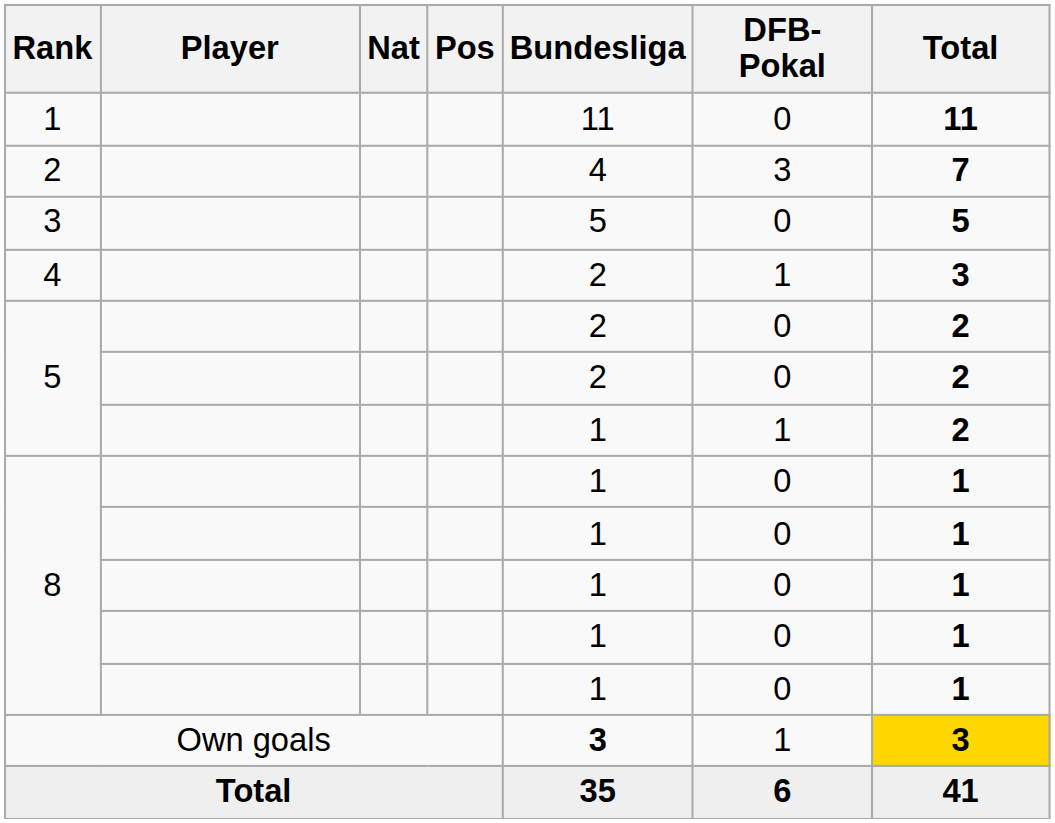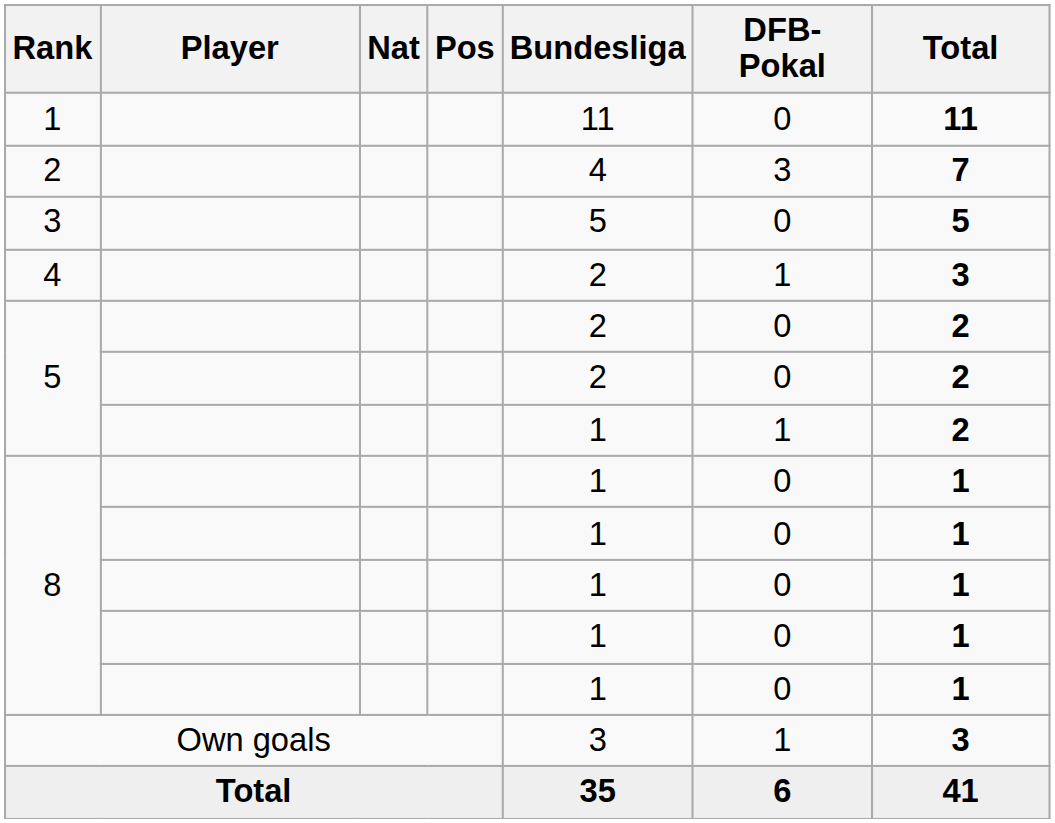 <table class="wikitable sortable nowrap" style="text-align:center;">
 <tr>
 <th>Rank</th>
 <th width=120>Player</th>
 <th>Nat</th>
 <th>Pos</th>
 <th width=80>Bundesliga</th>
 <th width=80>DFB-Pokal</th>
 <th width=80>Total</th>
 </tr>
 <tr>
 <td>1</td>
 <td align="left"></td>
 <td></td>
 <td></td>
 <td>11</td>
 <td>0</td>
 <td><strong>11</strong></td>
 </tr>
 <tr>
 <td>2</td>
 <td align="left"></td>
 <td></td>
 <td></td>
 <td>4</td>
 <td>3</td>
 <td><strong>7</strong></td>
 </tr>
 <tr>
 <td>3</td>
 <td align="left"></td>
 <td></td>
 <td></td>
 <td>5</td>
 <td>0</td>
 <td><strong>5</strong></td>
 </tr>
 <tr>
 <td>4</td>
 <td align="left"></td>
 <td></td>
 <td></td>
 <td>2</td>
 <td>1</td>
 <td><strong>3</strong></td>
 </tr>
 <tr>
 <td rowspan="3">5</td>
 <td align="left"></td>
 <td></td>
 <td></td>
 <td>2</td>
 <td>0</td>
 <td><strong>2</strong></td>
 </tr>
 <tr>
 <td align="left"></td>
 <td></td>
 <td></td>
 <td>2</td>
 <td>0</td>
 <td><strong>2</strong></td>
 </tr>
 <tr>
 <td align="left"></td>
 <td></td>
 <td></td>
 <td>1</td>
 <td>1</td>
 <td><strong>2</strong></td>
 </tr>
 <tr>
 <td rowspan="5">8</td>
 <td align="left"></td>
 <td></td>
 <td></td>
 <td>1</td>
 <td>0</td>
 <td><strong>1</strong></td>
 </tr>
 <tr>
 <td align="left"></td>
 <td></td>
 <td></td>
 <td>1</td>
 <td>0</td>
 <td><strong>1</strong></td>
 </tr>
 <tr>
 <td align="left"></td>
 <td></td>
 <td></td>
 <td>1</td>
 <td>0</td>
 <td><strong>1</strong></td>
 </tr>
 <tr>
 <td align="left"></td>
 <td></td>
 <td></td>
 <td>1</td>
 <td>0</td>
 <td><strong>1</strong></td>
 </tr>
 <tr>
 <td align="left"></td>
 <td></td>
 <td></td>
 <td>1</td>
 <td>0</td>
 <td><strong>1</strong></td>
 </tr>
 <tr class="sortbottom">
 <td colspan="4">Own goals</td>
+<td>3</td>
+<td>1</td>
 <td><strong>3</strong></td>
-<td>1</td>
-<td style="background: gold;"><strong>3</strong></td>
 </tr>
 <tr style=font-weight:bold;background:#efefef>
 <td colspan="4">Total</td>
 <td>35</td>
 <td>6</td>
 <td>41</td>
 </tr>
 </table>
